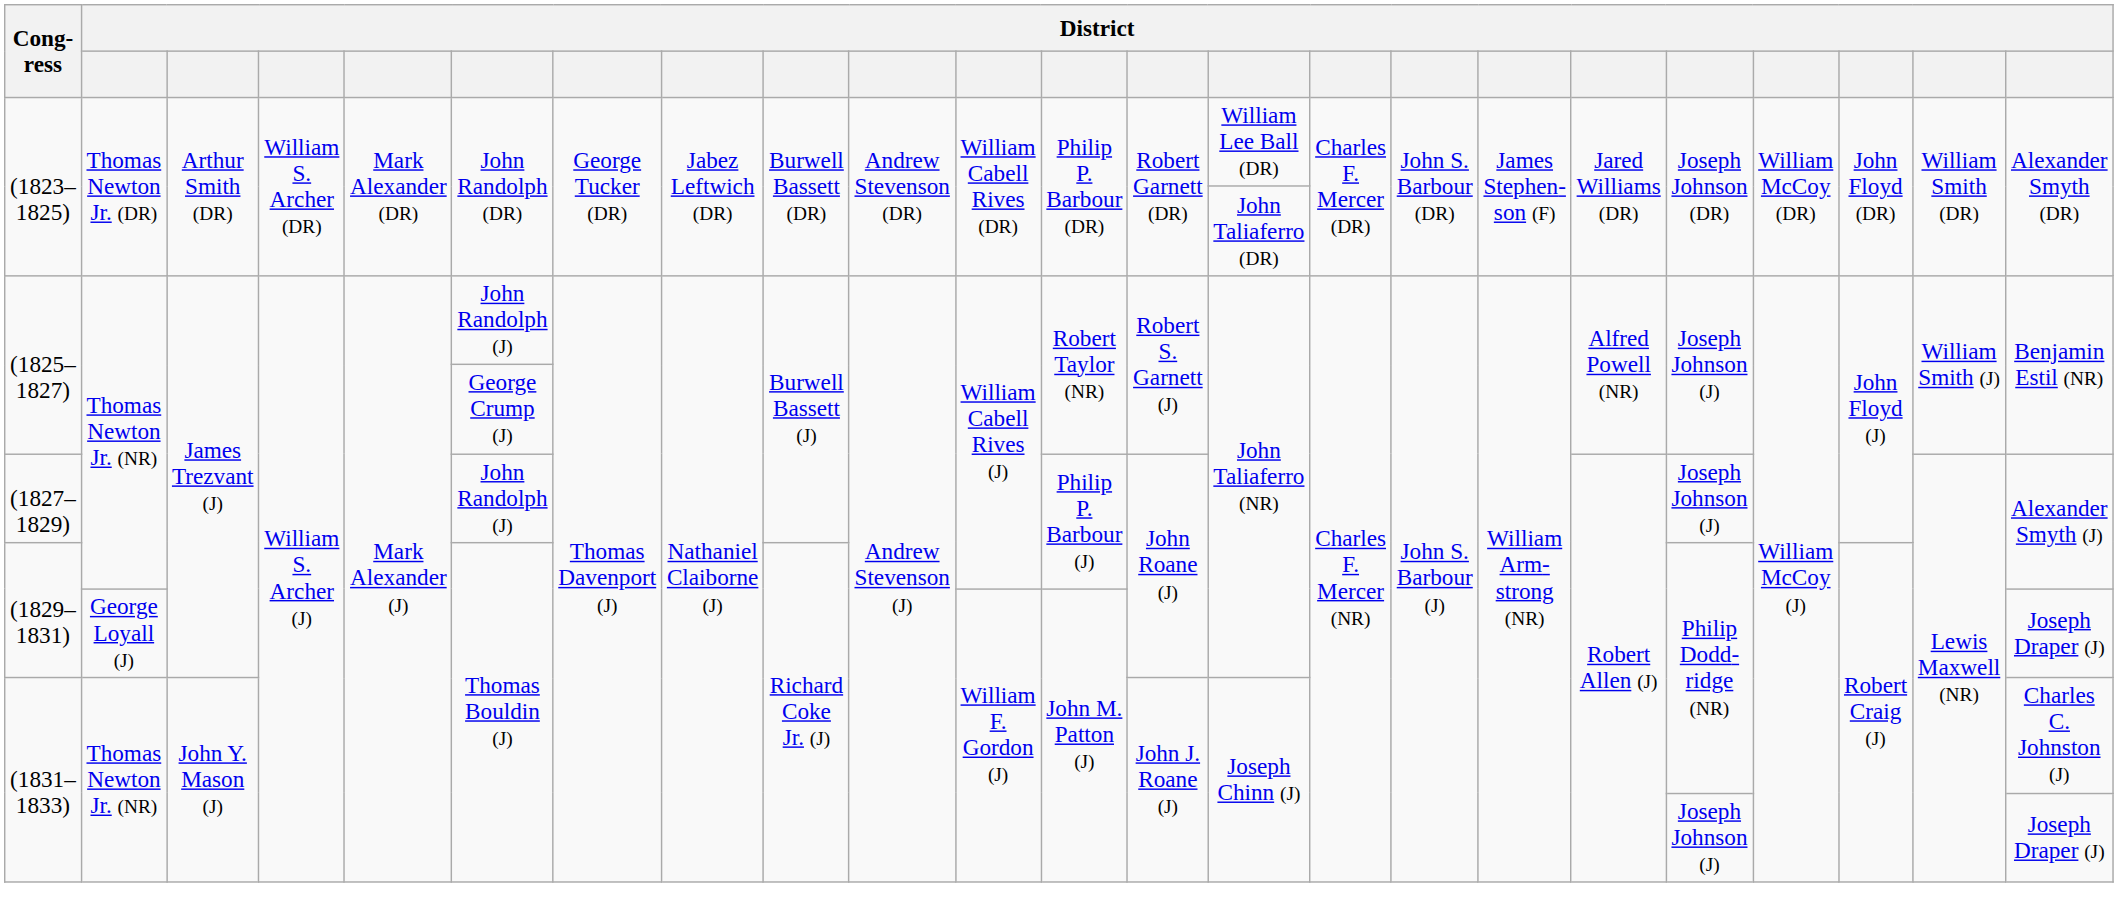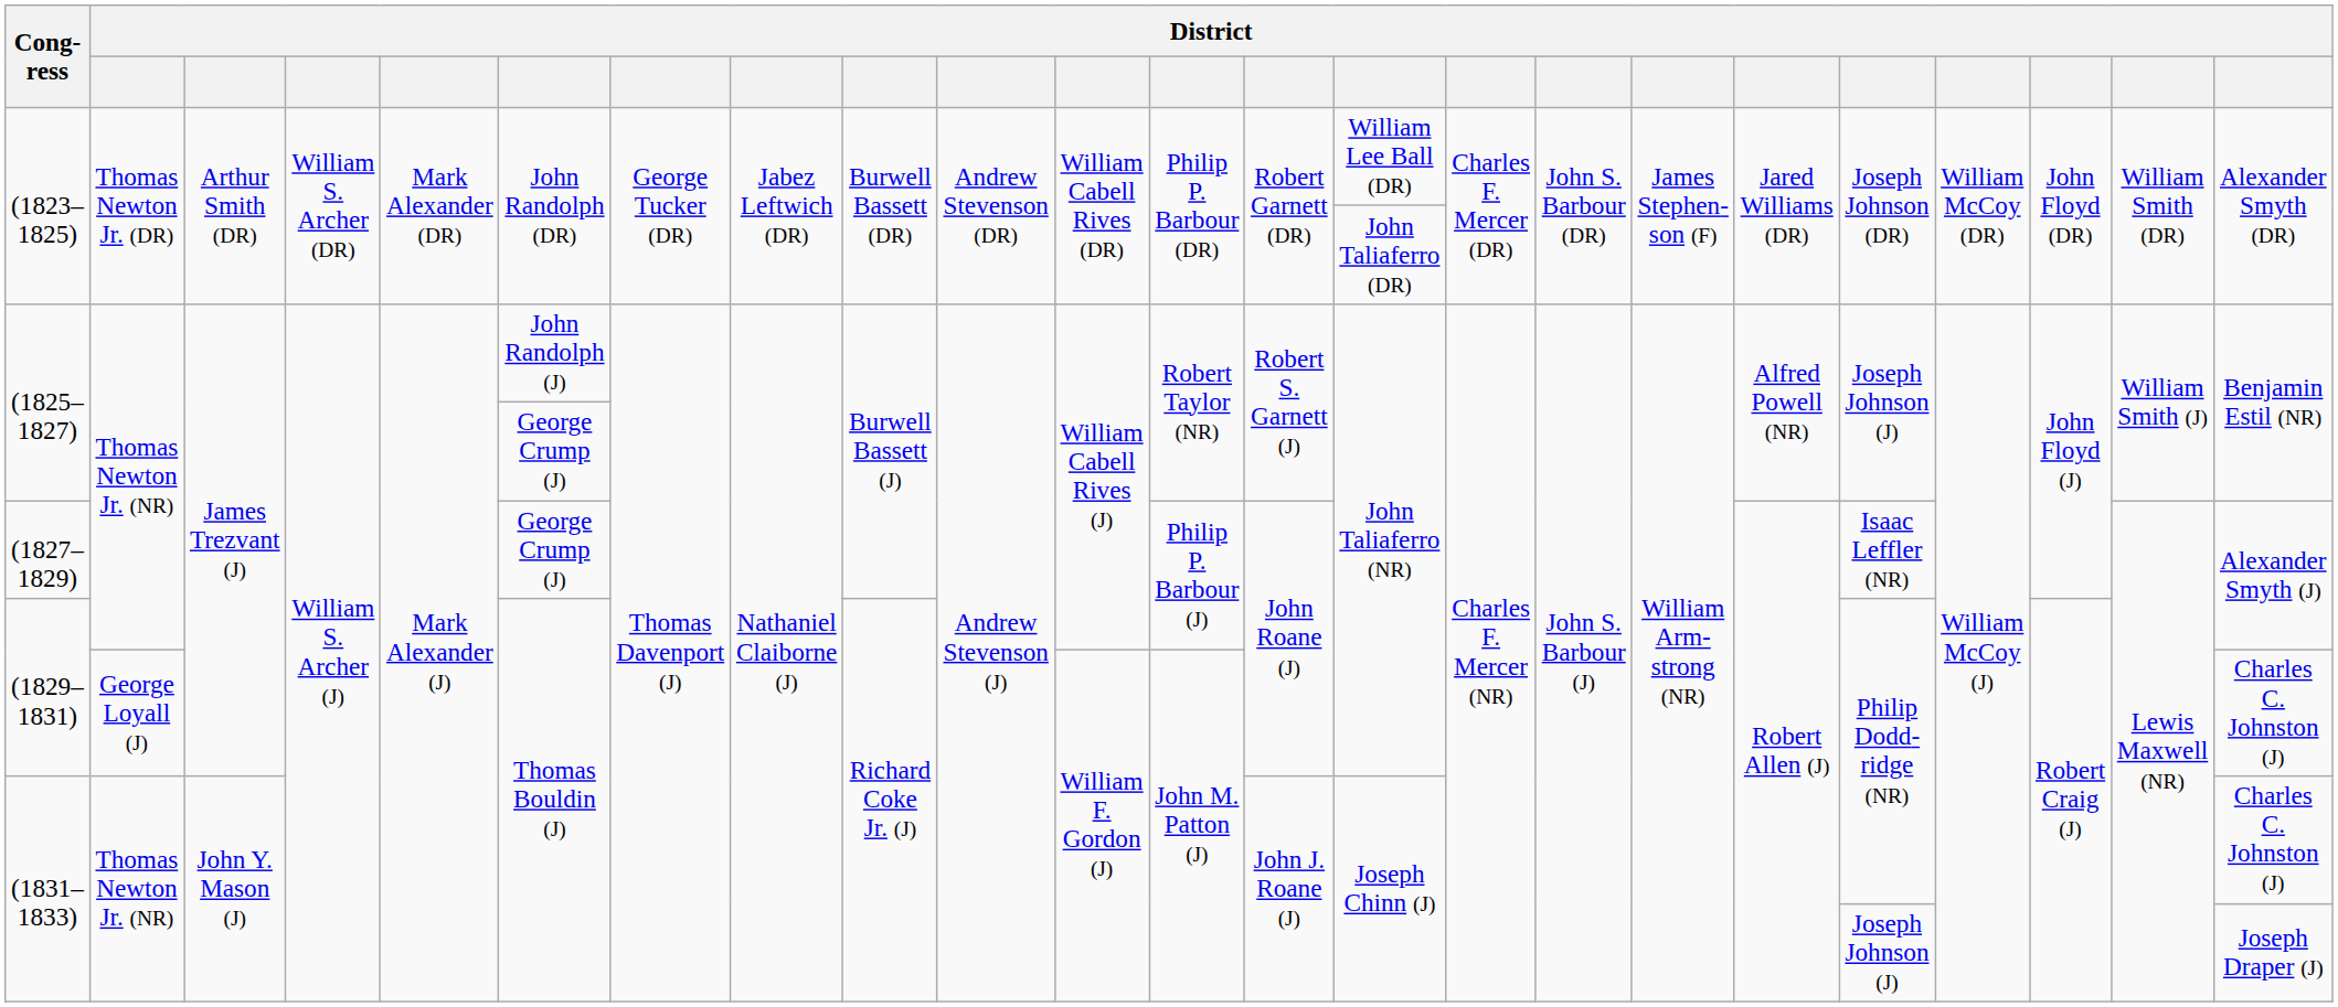 <table class=wikitable style="text-align:center">
 <tr style="height:2em">
 <th rowspan=2>Cong­ress</th>
 <th colspan=22>District</th>
 </tr>
 <tr style="height:2em">
 <th></th>
 <th></th>
 <th></th>
 <th></th>
 <th></th>
 <th></th>
 <th></th>
 <th></th>
 <th></th>
 <th></th>
 <th></th>
 <th></th>
 <th></th>
 <th></th>
 <th></th>
 <th></th>
 <th></th>
 <th></th>
 <th></th>
 <th></th>
 <th></th>
 <th></th>
 </tr>
 <tr style="height:2em">
 <td rowspan=2><strong></strong><br>(1823–1825)</td>
 <td rowspan=2 ><a href='#'>Thomas Newton Jr.</a> <small>(DR)</small></td>
 <td rowspan=2 ><a href='#'>Arthur Smith</a> <small>(DR)</small></td>
 <td rowspan=2 ><a href='#'>William S. Archer</a> <small>(DR)</small></td>
 <td rowspan=2 ><a href='#'>Mark Alexander</a> <small>(DR)</small></td>
 <td rowspan=2 ><a href='#'>John Randolph</a> <small>(DR)</small></td>
 <td rowspan=2 ><a href='#'>George Tucker</a> <small>(DR)</small></td>
 <td rowspan=2 ><a href='#'>Jabez Leftwich</a> <small>(DR)</small></td>
 <td rowspan=2 ><a href='#'>Burwell Bassett</a> <small>(DR)</small></td>
 <td rowspan=2 ><a href='#'>Andrew Stevenson</a> <small>(DR)</small></td>
 <td rowspan=2 ><a href='#'>William Cabell Rives</a> <small>(DR)</small></td>
 <td rowspan=2 ><a href='#'>Philip P. Barbour</a> <small>(DR)</small></td>
 <td rowspan=2 ><a href='#'>Robert Garnett</a> <small>(DR)</small></td>
 <td><a href='#'>William Lee Ball</a> <small>(DR)</small></td>
 <td rowspan=2 ><a href='#'>Charles F. Mercer</a> <small>(DR)</small></td>
 <td rowspan=2 ><a href='#'>John S. Barbour</a> <small>(DR)</small></td>
 <td rowspan=2 ><a href='#'>James Stephen­son</a> <small>(F)</small></td>
 <td rowspan=2 ><a href='#'>Jared Williams</a> <small>(DR)</small></td>
 <td rowspan=2 ><a href='#'>Joseph Johnson</a> <small>(DR)</small></td>
 <td rowspan=2 ><a href='#'>William McCoy</a> <small>(DR)</small></td>
 <td rowspan=2 ><a href='#'>John Floyd</a> <small>(DR)</small></td>
 <td rowspan=2 ><a href='#'>William Smith</a> <small>(DR)</small></td>
 <td rowspan=2 ><a href='#'>Alexander Smyth</a> <small>(DR)</small></td>
 </tr>
 <tr style="height:2em">
 <td><a href='#'>John Taliaferro</a> <small>(DR)</small></td>
 </tr>
 <tr style="height:2em">
 <td rowspan=2><strong></strong><br>(1825–1827)</td>
 <td rowspan=4 ><a href='#'>Thomas Newton Jr.</a> <small>(NR)</small></td>
 <td rowspan=5 ><a href='#'>James Trezvant</a> <small>(J)</small></td>
 <td rowspan=7 ><a href='#'>William S. Archer</a> <small>(J)</small></td>
 <td rowspan=7 ><a href='#'>Mark Alexander</a> <small>(J)</small></td>
 <td><a href='#'>John Randolph</a> <small>(J)</small></td>
 <td rowspan=7 ><a href='#'>Thomas Davenport</a> <small>(J)</small></td>
 <td rowspan=7 ><a href='#'>Nathaniel Claiborne</a> <small>(J)</small></td>
 <td rowspan=3 ><a href='#'>Burwell Bassett</a> <small>(J)</small></td>
 <td rowspan=7 ><a href='#'>Andrew Stevenson</a> <small>(J)</small></td>
 <td rowspan=4 ><a href='#'>William Cabell Rives</a> <small>(J)</small></td>
 <td rowspan=2 ><a href='#'>Robert Taylor</a> <small>(NR)</small></td>
 <td rowspan=2 ><a href='#'>Robert S. Garnett</a> <small>(J)</small></td>
 <td rowspan=5 ><a href='#'>John Taliaferro</a> <small>(NR)</small></td>
 <td rowspan=8 ><a href='#'>Charles F. Mercer</a> <small>(NR)</small></td>
 <td rowspan=9 ><a href='#'>John S. Barbour</a> <small>(J)</small></td>
 <td rowspan=7 ><a href='#'>William Arm­strong</a> <small>(NR)</small></td>
 <td rowspan=2 ><a href='#'>Alfred Powell</a> <small>(NR)</small></td>
 <td rowspan=2 ><a href='#'>Joseph Johnson</a> <small>(J)</small></td>
 <td rowspan=7 ><a href='#'>William McCoy</a> <small>(J)</small></td>
 <td rowspan=3 ><a href='#'>John Floyd</a> <small>(J)</small></td>
 <td rowspan=2 ><a href='#'>William Smith</a> <small>(J)</small></td>
 <td rowspan=2 ><a href='#'>Benjamin Estil</a> <small>(NR)</small></td>
 </tr>
 <tr style="height:2em">
 <td><a href='#'>George Crump</a> <small>(J)</small></td>
 </tr>
 <tr style="height:2em">
 <td><strong></strong><br>(1827–1829)</td>
-<td><a href='#'>John Randolph</a> <small>(J)</small></td>
+<td><a href='#'>George Crump</a> <small>(J)</small></td>
 <td rowspan=2 ><a href='#'>Philip P. Barbour</a> <small>(J)</small></td>
 <td rowspan=3 ><a href='#'>John Roane</a> <small>(J)</small></td>
 <td rowspan=5 ><a href='#'>Robert Allen</a> <small>(J)</small></td>
-<td><a href='#'>Joseph Johnson</a> <small>(J)</small></td>
+<td><a href='#'>Isaac Leffler</a> <small>(NR)</small></td>
 <td rowspan=5 ><a href='#'>Lewis Maxwell</a> <small>(NR)</small></td>
 <td rowspan=2 ><a href='#'>Alexander Smyth</a> <small>(J)</small></td>
 </tr>
 <tr style="height:2em">
 <td rowspan=2><strong></strong><br>(1829–1831)</td>
 <td rowspan=4 ><a href='#'>Thomas Bouldin</a> <small>(J)</small></td>
 <td rowspan=4 ><a href='#'>Richard Coke Jr.</a> <small>(J)</small></td>
 <td rowspan=3 ><a href='#'>Philip Dodd­ridge</a> <small>(NR)</small></td>
 <td rowspan=4 ><a href='#'>Robert Craig</a> <small>(J)</small></td>
 </tr>
 <tr style="height:2em">
 <td><a href='#'>George Loyall</a> <small>(J)</small></td>
 <td rowspan=3 ><a href='#'>William F. Gordon</a> <small>(J)</small></td>
 <td rowspan=3 ><a href='#'>John M. Patton</a> <small>(J)</small></td>
-<td><a href='#'>Joseph Draper</a> <small>(J)</small></td>
+<td><a href='#'>Charles C. Johnston</a> <small>(J)</small></td>
 </tr>
 <tr style="height:2em">
 <td rowspan=2><strong></strong><br>(1831–1833)</td>
 <td rowspan=2 ><a href='#'>Thomas Newton Jr.</a> <small>(NR)</small></td>
 <td rowspan=2 ><a href='#'>John Y. Mason</a> <small>(J)</small></td>
 <td rowspan=2 ><a href='#'>John J. Roane</a> <small>(J)</small></td>
 <td rowspan=2 ><a href='#'>Joseph Chinn</a> <small>(J)</small></td>
 <td><a href='#'>Charles C. Johnston</a> <small>(J)</small></td>
 </tr>
 <tr style="height:2em">
 <td><a href='#'>Joseph Johnson</a> <small>(J)</small></td>
 <td><a href='#'>Joseph Draper</a> <small>(J)</small></td>
 </tr>
 </table>
